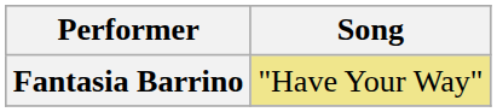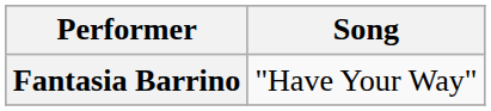 <table class="wikitable unsortable" style="text-align:center;">
 <tr>
 <th scope="col">Performer</th>
 <th scope="col">Song</th>
 </tr>
 <tr>
 <th scope="row">Fantasia Barrino</th>
-<td style="background: khaki;">"Have Your Way"</td>
+<td>"Have Your Way"</td>
 </tr>
 </table>
